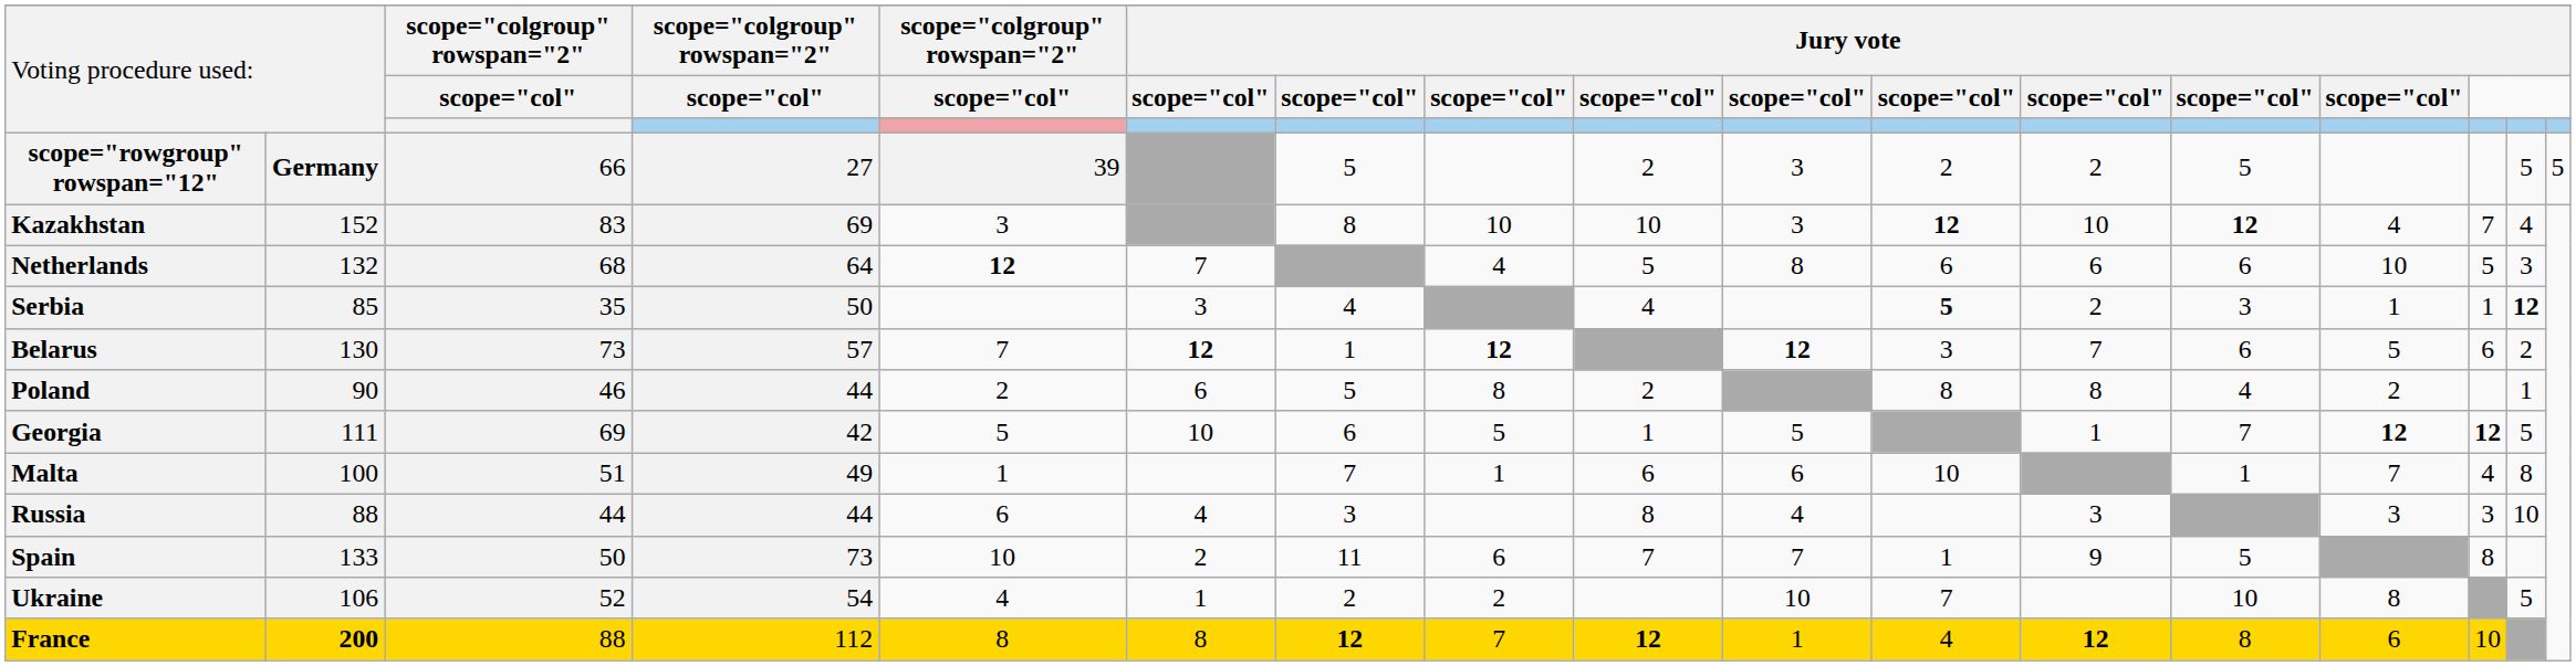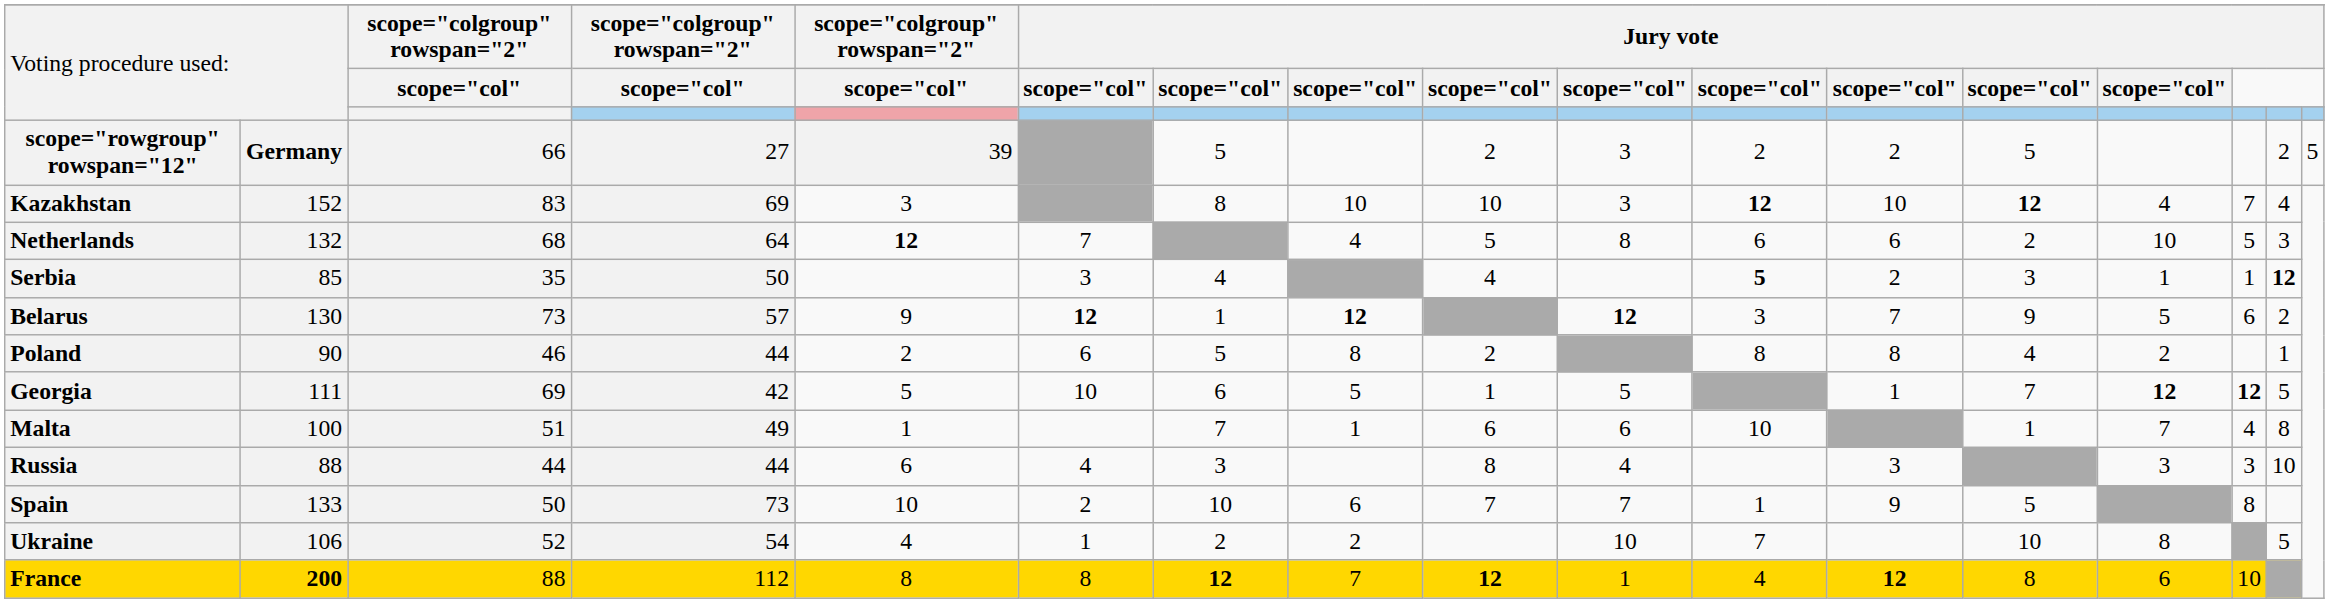 <table class="wikitable plainrowheaders" style="text-align:center;">
 <tr>
 </tr>
 <tr>
 <td colspan="2" rowspan="3" style="text-align:left; background:#F2F2F2">Voting procedure used:<br></td>
 <th>scope="colgroup" rowspan="2" </th>
 <th>scope="colgroup" rowspan="2" </th>
 <th>scope="colgroup" rowspan="2" </th>
 <th scope="colgroup" colspan="12">Jury vote</th>
 </tr>
 <tr>
 <th>scope="col" </th>
 <th>scope="col" </th>
 <th>scope="col" </th>
 <th>scope="col" </th>
 <th>scope="col" </th>
 <th>scope="col" </th>
 <th>scope="col" </th>
 <th>scope="col" </th>
 <th>scope="col" </th>
 <th>scope="col" </th>
 <th>scope="col" </th>
 <th>scope="col" </th>
 </tr>
 <tr>
 <th style="height:2px; border-top:1px solid transparent;"></th>
 <td style="background:#A4D1EF;"></td>
 <td style="background:#EFA4A9;"></td>
 <td style="background:#A4D1EF;"></td>
 <td style="background:#A4D1EF;"></td>
 <td style="background:#A4D1EF;"></td>
 <td style="background:#A4D1EF;"></td>
 <td style="background:#A4D1EF;"></td>
 <td style="background:#A4D1EF;"></td>
 <td style="background:#A4D1EF;"></td>
 <td style="background:#A4D1EF;"></td>
 <td style="background:#A4D1EF;"></td>
 <td style="background:#A4D1EF;"></td>
 <td style="background:#A4D1EF;"></td>
 <td style="background:#A4D1EF;"></td>
 </tr>
 <tr>
 <th>scope="rowgroup" rowspan="12" </th>
 <th scope="row" style="text-align:left; background:#f2f2f2;">Germany</th>
 <td style="text-align:right; background:#f2f2f2;">66</td>
 <td style="text-align:right; background:#f2f2f2;">27</td>
 <td style="text-align:right; background:#f2f2f2;">39</td>
 <td style="text-align:left; background:#aaa;"></td>
 <td>5</td>
 <td></td>
 <td>2</td>
 <td>3</td>
 <td>2</td>
 <td>2</td>
 <td>5</td>
 <td></td>
 <td></td>
-<td>5</td>
+<td>2</td>
 <td>5</td>
 </tr>
 <tr>
 <th scope="row" style="text-align:left; background:#f2f2f2;">Kazakhstan</th>
 <td style="text-align:right; background:#f2f2f2;">152</td>
 <td style="text-align:right; background:#f2f2f2;">83</td>
 <td style="text-align:right; background:#f2f2f2;">69</td>
 <td>3</td>
 <td style="text-align:left; background:#aaa;"></td>
 <td>8</td>
 <td>10</td>
 <td>10</td>
 <td>3</td>
 <td><strong>12</strong></td>
 <td>10</td>
 <td><strong>12</strong></td>
 <td>4</td>
 <td>7</td>
 <td>4</td>
 </tr>
 <tr>
 <th scope="row" style="text-align:left; background:#f2f2f2;">Netherlands</th>
 <td style="text-align:right; background:#f2f2f2;">132</td>
 <td style="text-align:right; background:#f2f2f2;">68</td>
 <td style="text-align:right; background:#f2f2f2;">64</td>
 <td><strong>12</strong></td>
 <td>7</td>
 <td style="text-align:left; background:#aaa;"></td>
 <td>4</td>
 <td>5</td>
 <td>8</td>
 <td>6</td>
 <td>6</td>
-<td>6</td>
+<td>2</td>
 <td>10</td>
 <td>5</td>
 <td>3</td>
 </tr>
 <tr>
 <th scope="row" style="text-align:left; background:#f2f2f2;">Serbia</th>
 <td style="text-align:right; background:#f2f2f2;">85</td>
 <td style="text-align:right; background:#f2f2f2;">35</td>
 <td style="text-align:right; background:#f2f2f2;">50</td>
 <td></td>
 <td>3</td>
 <td>4</td>
 <td style="text-align:left; background:#aaa;"></td>
 <td>4</td>
 <td></td>
 <td><strong>5</strong></td>
 <td>2</td>
 <td>3</td>
 <td>1</td>
 <td>1</td>
 <td><strong>12</strong></td>
 </tr>
 <tr>
 <th scope="row" style="text-align:left; background:#f2f2f2;">Belarus</th>
 <td style="text-align:right; background:#f2f2f2;">130</td>
 <td style="text-align:right; background:#f2f2f2;">73</td>
 <td style="text-align:right; background:#f2f2f2;">57</td>
-<td>7</td>
+<td>9</td>
 <td><strong>12</strong></td>
 <td>1</td>
 <td><strong>12</strong></td>
 <td style="text-align:left; background:#aaa;"></td>
 <td><strong>12</strong></td>
 <td>3</td>
 <td>7</td>
-<td>6</td>
+<td>9</td>
 <td>5</td>
 <td>6</td>
 <td>2</td>
 </tr>
 <tr>
 <th scope="row" style="text-align:left; background:#f2f2f2;">Poland</th>
 <td style="text-align:right; background:#f2f2f2;">90</td>
 <td style="text-align:right; background:#f2f2f2;">46</td>
 <td style="text-align:right; background:#f2f2f2;">44</td>
 <td>2</td>
 <td>6</td>
 <td>5</td>
 <td>8</td>
 <td>2</td>
 <td style="text-align:left; background:#aaa;"></td>
 <td>8</td>
 <td>8</td>
 <td>4</td>
 <td>2</td>
 <td></td>
 <td>1</td>
 </tr>
 <tr>
 <th scope="row" style="text-align:left; background:#f2f2f2;">Georgia</th>
 <td style="text-align:right; background:#f2f2f2;">111</td>
 <td style="text-align:right; background:#f2f2f2;">69</td>
 <td style="text-align:right; background:#f2f2f2;">42</td>
 <td>5</td>
 <td>10</td>
 <td>6</td>
 <td>5</td>
 <td>1</td>
 <td>5</td>
 <td style="text-align:left; background:#aaa;"></td>
 <td>1</td>
 <td>7</td>
 <td><strong>12</strong></td>
 <td><strong>12</strong></td>
 <td>5</td>
 </tr>
 <tr>
 <th scope="row" style="text-align:left; background:#f2f2f2;">Malta</th>
 <td style="text-align:right; background:#f2f2f2;">100</td>
 <td style="text-align:right; background:#f2f2f2;">51</td>
 <td style="text-align:right; background:#f2f2f2;">49</td>
 <td>1</td>
 <td></td>
 <td>7</td>
 <td>1</td>
 <td>6</td>
 <td>6</td>
 <td>10</td>
 <td style="text-align:left; background:#aaa;"></td>
 <td>1</td>
 <td>7</td>
 <td>4</td>
 <td>8</td>
 </tr>
 <tr>
 <th scope="row" style="text-align:left; background:#f2f2f2;">Russia</th>
 <td style="text-align:right; background:#f2f2f2;">88</td>
 <td style="text-align:right; background:#f2f2f2;">44</td>
 <td style="text-align:right; background:#f2f2f2;">44</td>
 <td>6</td>
 <td>4</td>
 <td>3</td>
 <td></td>
 <td>8</td>
 <td>4</td>
 <td></td>
 <td>3</td>
 <td style="text-align:left; background:#aaa;"></td>
 <td>3</td>
 <td>3</td>
 <td>10</td>
 </tr>
 <tr>
 <th scope="row" style="text-align:left; background:#f2f2f2;">Spain</th>
 <td style="text-align:right; background:#f2f2f2;">133</td>
 <td style="text-align:right; background:#f2f2f2;">50</td>
 <td style="text-align:right; background:#f2f2f2;">73</td>
 <td>10</td>
 <td>2</td>
-<td>11</td>
+<td>10</td>
 <td>6</td>
 <td>7</td>
 <td>7</td>
 <td>1</td>
 <td>9</td>
 <td>5</td>
 <td style="text-align:left; background:#aaa;"></td>
 <td>8</td>
 <td></td>
 </tr>
 <tr>
 <th scope="row" style="text-align:left; background:#f2f2f2;">Ukraine</th>
 <td style="text-align:right; background:#f2f2f2;">106</td>
 <td style="text-align:right; background:#f2f2f2;">52</td>
 <td style="text-align:right; background:#f2f2f2;">54</td>
 <td>4</td>
 <td>1</td>
 <td>2</td>
 <td>2</td>
 <td></td>
 <td>10</td>
 <td>7</td>
 <td></td>
 <td>10</td>
 <td>8</td>
 <td style="text-align:left; background:#aaa;"></td>
 <td>5</td>
 </tr>
 <tr style="background:gold;">
 <th scope="row" style="text-align:left; font-weight:bold; background:gold;">France</th>
 <td style="text-align:right; font-weight:bold;">200</td>
 <td style="text-align:right;">88</td>
 <td style="text-align:right;">112</td>
 <td>8</td>
 <td>8</td>
 <td><strong>12</strong></td>
 <td>7</td>
 <td><strong>12</strong></td>
 <td>1</td>
 <td>4</td>
 <td><strong>12</strong></td>
 <td>8</td>
 <td>6</td>
 <td>10</td>
 <td style="text-align:left; background:#aaa;"></td>
 </tr>
 </table>
